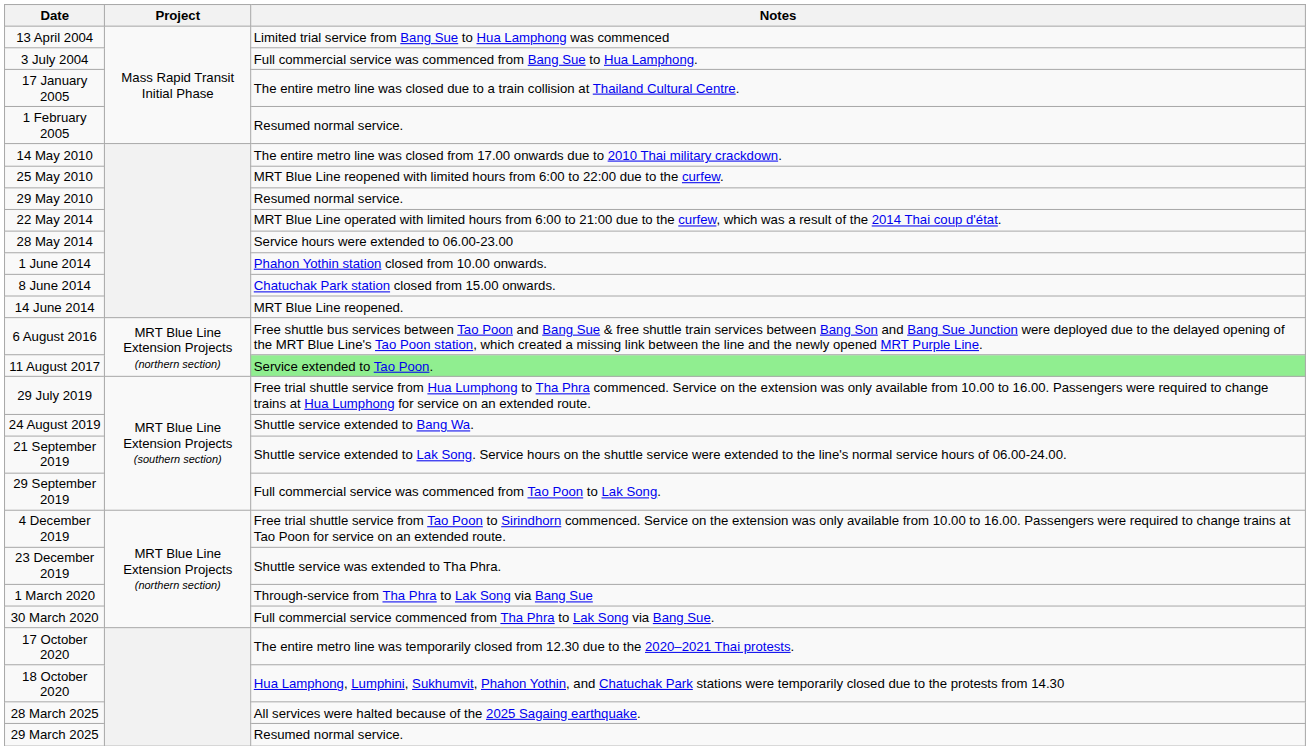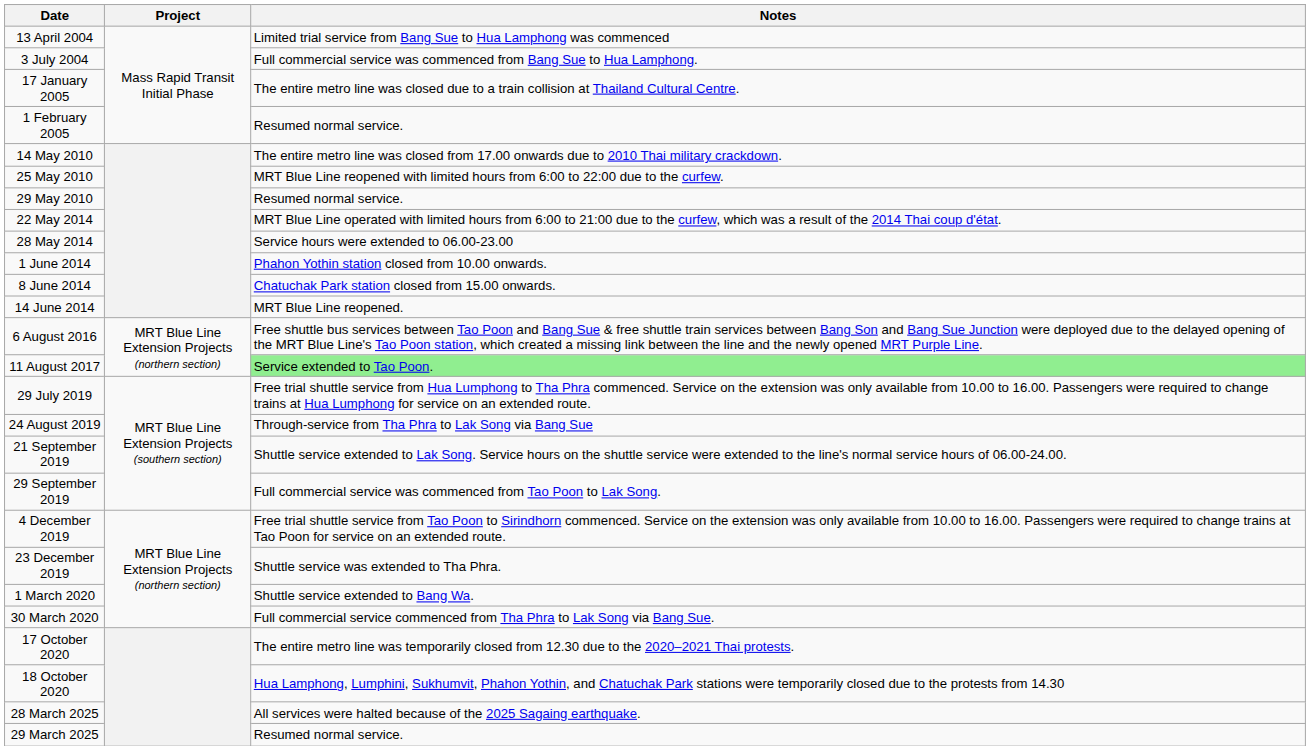 <table class="wikitable" style="margin:auto;font-align:center;text-align:center;font-size:80%;">
 <tr>
 <th style="background:#">Date</th>
 <th style="background:#">Project</th>
 <th style="background:#">Notes</th>
 </tr>
 <tr>
 <td>13 April 2004</td>
 <td rowspan="4">Mass Rapid Transit Initial Phase</td>
 <td align="left">Limited trial service from <a href='#'>Bang Sue</a> to <a href='#'>Hua Lamphong</a> was commenced</td>
 </tr>
 <tr>
 <td>3 July 2004</td>
 <td align="left">Full commercial service was commenced from <a href='#'>Bang Sue</a> to <a href='#'>Hua Lamphong</a>.</td>
 </tr>
 <tr>
 <td>17 January 2005</td>
 <td align="left">The entire metro line was closed due to a train collision at <a href='#'>Thailand Cultural Centre</a>.</td>
 </tr>
 <tr>
 <td>1 February 2005</td>
 <td align="left">Resumed normal service.</td>
 </tr>
 <tr>
 <td>14 May 2010</td>
 <th rowspan="8"></th>
 <td align="left">The entire metro line was closed from 17.00 onwards due to <a href='#'>2010 Thai military crackdown</a>.</td>
 </tr>
 <tr>
 <td>25 May 2010</td>
 <td align="left">MRT Blue Line reopened with limited hours from 6:00 to 22:00 due to the <a href='#'>curfew</a>.</td>
 </tr>
 <tr>
 <td>29 May 2010</td>
 <td align="left">Resumed normal service.</td>
 </tr>
 <tr>
 <td>22 May 2014</td>
 <td align="left">MRT Blue Line operated with limited hours from 6:00 to 21:00 due to the <a href='#'>curfew</a>, which was a result of the <a href='#'>2014 Thai coup d'état</a>.</td>
 </tr>
 <tr>
 <td>28 May 2014</td>
 <td align="left">Service hours were extended to 06.00-23.00</td>
 </tr>
 <tr>
 <td>1 June 2014</td>
 <td align="left"><a href='#'>Phahon Yothin station</a> closed from 10.00 onwards.</td>
 </tr>
 <tr>
 <td>8 June 2014</td>
 <td align="left"><a href='#'>Chatuchak Park station</a> closed from 15.00 onwards.</td>
 </tr>
 <tr>
 <td>14 June 2014</td>
 <td align="left">MRT Blue Line reopened.</td>
 </tr>
 <tr>
 <td>6 August 2016</td>
 <td rowspan="2">MRT Blue Line Extension Projects<br><small><em>(northern section)</em></small></td>
 <td align="left">Free shuttle bus services between <a href='#'>Tao Poon</a> and <a href='#'>Bang Sue</a> & free shuttle train services between <a href='#'>Bang Son</a> and <a href='#'>Bang Sue Junction</a> were deployed due to the delayed opening of the MRT Blue Line's <a href='#'>Tao Poon station</a>, which created a missing link between the line and the newly opened <a href='#'>MRT Purple Line</a>.</td>
 </tr>
 <tr>
 <td>11 August 2017</td>
 <td align="left" style="background: lightgreen;">Service extended to <a href='#'>Tao Poon</a>.</td>
 </tr>
 <tr>
 <td>29 July 2019</td>
 <td rowspan="4">MRT Blue Line Extension Projects <br><small><em>(southern section)</em></small></td>
 <td align="left">Free trial shuttle service from <a href='#'>Hua Lumphong</a> to <a href='#'>Tha Phra</a> commenced. Service on the extension was only available from 10.00 to 16.00. Passengers were required to change trains at <a href='#'>Hua Lumphong</a> for service on an extended route.</td>
 </tr>
 <tr>
 <td>24 August 2019</td>
-<td align="left">Shuttle service extended to <a href='#'>Bang Wa</a>.</td>
+<td align="left">Through-service from <a href='#'>Tha Phra</a> to <a href='#'>Lak Song</a> via <a href='#'>Bang Sue</a></td>
 </tr>
 <tr>
 <td>21 September 2019</td>
 <td align="left">Shuttle service extended to <a href='#'>Lak Song</a>. Service hours on the shuttle service were extended to the line's normal service hours of 06.00-24.00.</td>
 </tr>
 <tr>
 <td>29 September 2019</td>
 <td align="left">Full commercial service was commenced from <a href='#'>Tao Poon</a> to <a href='#'>Lak Song</a>.</td>
 </tr>
 <tr>
 <td>4 December 2019</td>
 <td rowspan="4">MRT Blue Line Extension Projects<br><small><em>(northern section)</em></small></td>
 <td align="left">Free trial shuttle service from <a href='#'>Tao Poon</a> to <a href='#'>Sirindhorn</a> commenced. Service on the extension was only available from 10.00 to 16.00. Passengers were required to change trains at Tao Poon for service on an extended route.</td>
 </tr>
 <tr>
 <td>23 December 2019</td>
 <td align="left">Shuttle service was extended to Tha Phra.</td>
 </tr>
 <tr>
 <td>1 March 2020</td>
-<td align="left">Through-service from <a href='#'>Tha Phra</a> to <a href='#'>Lak Song</a> via <a href='#'>Bang Sue</a></td>
+<td align="left">Shuttle service extended to <a href='#'>Bang Wa</a>.</td>
 </tr>
 <tr>
 <td>30 March 2020</td>
 <td align="left">Full commercial service commenced from <a href='#'>Tha Phra</a> to <a href='#'>Lak Song</a> via <a href='#'>Bang Sue</a>.</td>
 </tr>
 <tr>
 <td>17 October 2020</td>
 <th rowspan="4"></th>
 <td align="left">The entire metro line was temporarily closed from 12.30 due to the <a href='#'>2020–2021 Thai protests</a>.</td>
 </tr>
 <tr>
 <td>18 October 2020</td>
 <td align="left"><a href='#'>Hua Lamphong</a>, <a href='#'>Lumphini</a>, <a href='#'>Sukhumvit</a>, <a href='#'>Phahon Yothin</a>, and <a href='#'>Chatuchak Park</a> stations were temporarily closed due to the protests from 14.30</td>
 </tr>
 <tr>
 <td>28 March 2025</td>
 <td align="left">All services were halted because of the <a href='#'>2025 Sagaing earthquake</a>.</td>
 </tr>
 <tr>
 <td>29 March 2025</td>
 <td align="left">Resumed normal service.</td>
 </tr>
 </table>
